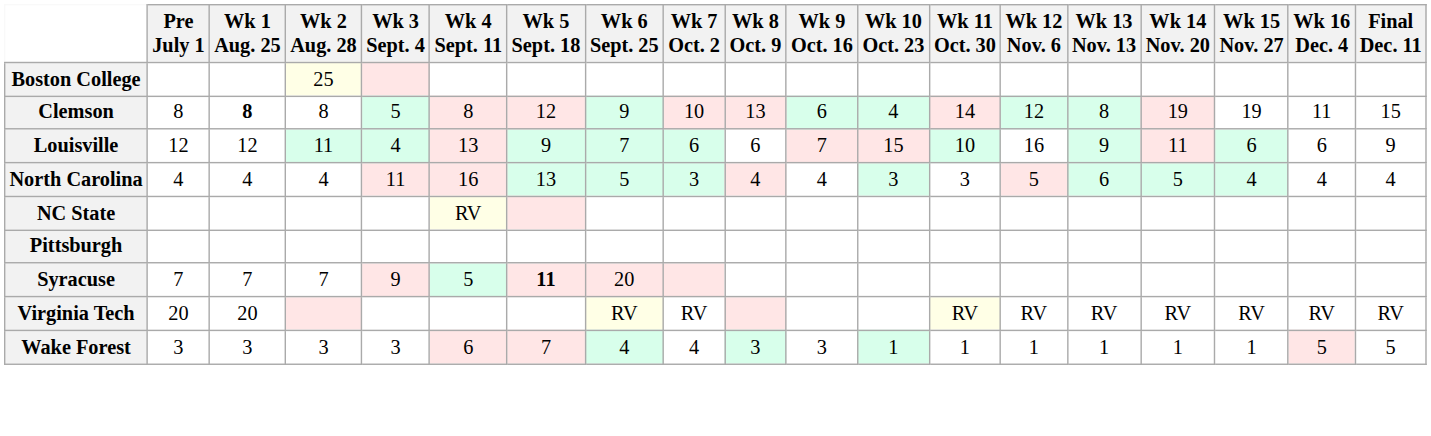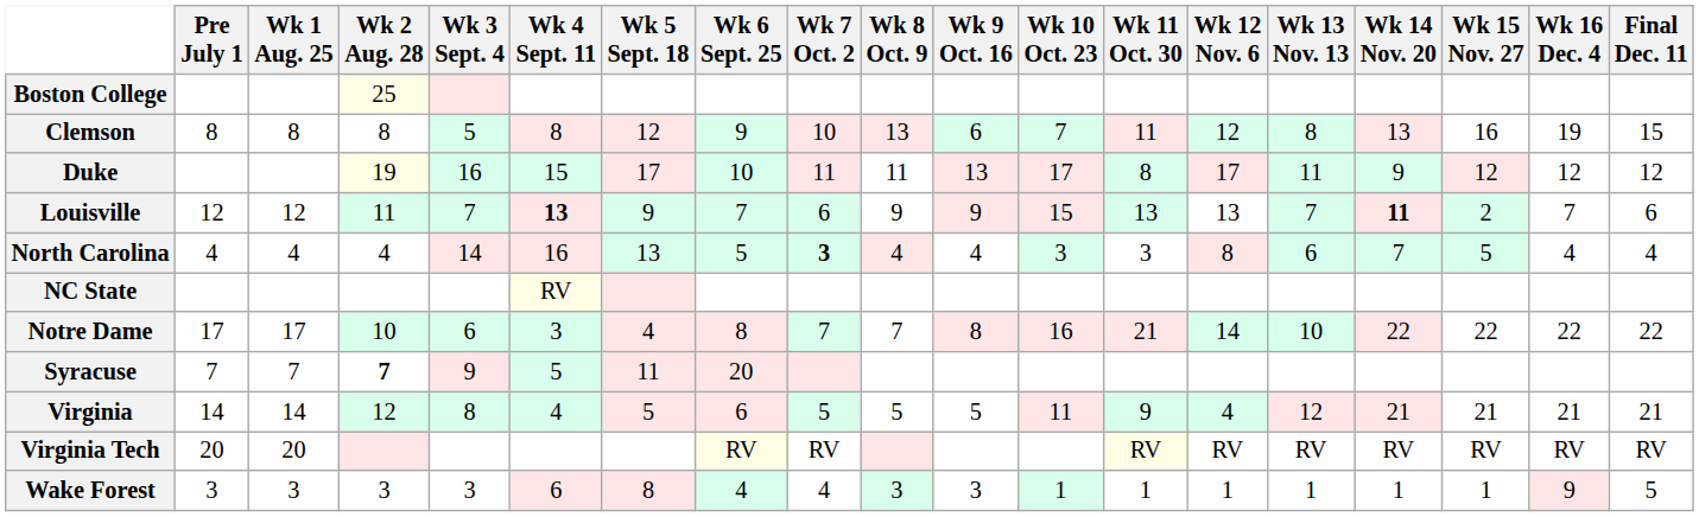 <table class="wikitable" style="white-space:nowrap;font-size:90%;">
 <tr>
 <th colspan=1 style="background:white; border-top-style:hidden; border-left-style:hidden;"></th>
 <th>Pre <br> July 1</th>
 <th>Wk 1 <br> Aug. 25</th>
 <th>Wk 2 <br> Aug. 28</th>
 <th>Wk 3 <br> Sept. 4</th>
 <th>Wk 4 <br> Sept. 11</th>
 <th>Wk 5 <br> Sept. 18</th>
 <th>Wk 6 <br> Sept. 25</th>
 <th>Wk 7 <br> Oct. 2</th>
 <th>Wk 8 <br> Oct. 9</th>
 <th>Wk 9 <br> Oct. 16</th>
 <th>Wk 10 <br> Oct. 23</th>
 <th>Wk 11 <br> Oct. 30</th>
 <th>Wk 12 <br> Nov. 6</th>
 <th>Wk 13 <br> Nov. 13</th>
 <th>Wk 14 <br> Nov. 20</th>
 <th>Wk 15 <br> Nov. 27</th>
 <th>Wk 16 <br> Dec. 4</th>
 <th>Final <br> Dec. 11</th>
 </tr>
 <tr style="text-align:center;">
 <th>Boston College</th>
 <td style="background:#FFF;"></td>
 <td style="background:#FFF;"></td>
 <td style="background:#FFFFE6;"> 25</td>
 <td style="background:#FFE6E6;"></td>
 <td style="background:#FFF;"></td>
 <td style="background:#FFF;"></td>
 <td style="background:#FFF;"></td>
 <td style="background:#FFF;"></td>
 <td style="background:#FFF;"></td>
 <td style="background:#FFF;"></td>
 <td style="background:#FFF;"></td>
 <td style="background:#FFF;"></td>
 <td style="background:#FFF;"></td>
 <td style="background:#FFF;"></td>
 <td style="background:#FFF;"></td>
 <td style="background:#FFF;"></td>
 <td style="background:#FFF;"></td>
 <td style="background:#FFF;"></td>
 </tr>
 <tr style="text-align:center;">
 <th>Clemson</th>
 <td style="background:#FFF;"> 8</td>
-<td style="background:#FFF;"><strong> 8</strong></td>
+<td style="background:#FFF;"> 8</td>
 <td style="background:#FFF;"> 8</td>
 <td style="background:#D8FFEB;"> 5</td>
 <td style="background:#FFE6E6;"> 8</td>
 <td style="background:#FFE6E6;"> 12</td>
 <td style="background:#D8FFEB;"> 9</td>
 <td style="background:#FFE6E6;"> 10</td>
 <td style="background:#FFE6E6;"> 13</td>
 <td style="background:#D8FFEB;"> 6</td>
-<td style="background:#D8FFEB;"> 4</td>
-<td style="background:#FFE6E6;"> 14</td>
+<td style="background:#D8FFEB;"> 7</td>
+<td style="background:#FFE6E6;"> 11</td>
 <td style="background:#D8FFEB;"> 12</td>
 <td style="background:#D8FFEB;"> 8</td>
-<td style="background:#FFE6E6;"> 19</td>
+<td style="background:#FFE6E6;"> 13</td>
+<td style="background:#FFF;"> 16</td>
 <td style="background:#FFF;"> 19</td>
+<td style="background:#FFF;"> 15</td>
+</tr>
+<tr style="text-align:center;">
+<th>Duke</th>
+<td style="background:#FFF;"></td>
+<td style="background:#FFF;"></td>
+<td style="background:#FFFFE6;"> 19</td>
+<td style="background:#D8FFEB;"> 16</td>
+<td style="background:#D8FFEB;"> 15</td>
+<td style="background:#FFE6E6;"> 17</td>
+<td style="background:#D8FFEB;"> 10</td>
+<td style="background:#FFE6E6;"> 11</td>
 <td style="background:#FFF;"> 11</td>
-<td style="background:#FFF;"> 15</td>
+<td style="background:#FFE6E6;"> 13</td>
+<td style="background:#FFE6E6;"> 17</td>
+<td style="background:#D8FFEB;"> 8</td>
+<td style="background:#FFE6E6;"> 17</td>
+<td style="background:#D8FFEB;"> 11</td>
+<td style="background:#D8FFEB;"> 9</td>
+<td style="background:#FFE6E6;"> 12</td>
+<td style="background:#FFF;"> 12</td>
+<td style="background:#FFF;"> 12</td>
 </tr>
 <tr style="text-align:center;">
 <th>Louisville</th>
 <td style="background:#FFF;"> 12</td>
 <td style="background:#FFF;"> 12</td>
 <td style="background:#D8FFEB;"> 11</td>
-<td style="background:#D8FFEB;"> 4</td>
-<td style="background:#FFE6E6;"> 13</td>
+<td style="background:#D8FFEB;"> 7</td>
+<td style="background:#FFE6E6;"><strong> 13</strong></td>
 <td style="background:#D8FFEB;"> 9</td>
 <td style="background:#D8FFEB;"> 7</td>
 <td style="background:#D8FFEB;"> 6</td>
+<td style="background:#FFF;"> 9</td>
+<td style="background:#FFE6E6;"> 9</td>
+<td style="background:#FFE6E6;"> 15</td>
+<td style="background:#D8FFEB;"> 13</td>
+<td style="background:#FFF;"> 13</td>
+<td style="background:#D8FFEB;"> 7</td>
+<td style="background:#FFE6E6;"><strong> 11</strong></td>
+<td style="background:#D8FFEB;"> 2</td>
+<td style="background:#FFF;"> 7</td>
 <td style="background:#FFF;"> 6</td>
-<td style="background:#FFE6E6;"> 7</td>
-<td style="background:#FFE6E6;"> 15</td>
-<td style="background:#D8FFEB;"> 10</td>
-<td style="background:#FFF;"> 16</td>
-<td style="background:#D8FFEB;"> 9</td>
-<td style="background:#FFE6E6;"> 11</td>
-<td style="background:#D8FFEB;"> 6</td>
-<td style="background:#FFF;"> 6</td>
-<td style="background:#FFF;"> 9</td>
 </tr>
 <tr style="text-align:center;">
 <th>North Carolina</th>
 <td style="background:#FFF;"> 4</td>
 <td style="background:#FFF;"> 4</td>
 <td style="background:#FFF;"> 4</td>
-<td style="background:#FFE6E6;"> 11</td>
+<td style="background:#FFE6E6;"> 14</td>
 <td style="background:#FFE6E6;"> 16</td>
 <td style="background:#D8FFEB;"> 13</td>
 <td style="background:#D8FFEB;"> 5</td>
-<td style="background:#D8FFEB;"> 3</td>
+<td style="background:#D8FFEB;"><strong> 3</strong></td>
 <td style="background:#FFE6E6;"> 4</td>
 <td style="background:#FFF;"> 4</td>
 <td style="background:#D8FFEB;"> 3</td>
 <td style="background:#FFF;"> 3</td>
-<td style="background:#FFE6E6;"> 5</td>
+<td style="background:#FFE6E6;"> 8</td>
 <td style="background:#D8FFEB;"> 6</td>
+<td style="background:#D8FFEB;"> 7</td>
 <td style="background:#D8FFEB;"> 5</td>
-<td style="background:#D8FFEB;"> 4</td>
 <td style="background:#FFF;"> 4</td>
 <td style="background:#FFF;"> 4</td>
 </tr>
 <tr style="text-align:center;">
 <th>NC State</th>
 <td style="background:#FFF;"></td>
 <td style="background:#FFF;"></td>
 <td style="background:#FFF;"></td>
 <td style="background:#FFF;"></td>
 <td style="background:#FFFFE6;"> RV</td>
 <td style="background:#FFE6E6;"></td>
 <td style="background:#FFF;"></td>
 <td style="background:#FFF;"></td>
 <td style="background:#FFF;"></td>
 <td style="background:#FFF;"></td>
 <td style="background:#FFF;"></td>
 <td style="background:#FFF;"></td>
 <td style="background:#FFF;"></td>
 <td style="background:#FFF;"></td>
 <td style="background:#FFF;"></td>
 <td style="background:#FFF;"></td>
 <td style="background:#FFF;"></td>
 <td style="background:#FFF;"></td>
 </tr>
 <tr style="text-align:center;">
-<th>Pittsburgh</th>
-<td style="background:#FFF;"></td>
-<td style="background:#FFF;"></td>
-<td style="background:#FFF;"></td>
-<td style="background:#FFF;"></td>
-<td style="background:#FFF;"></td>
-<td style="background:#FFF;"></td>
-<td style="background:#FFF;"></td>
-<td style="background:#FFF;"></td>
+<th>Notre Dame</th>
+<td style="background:#FFF;"> 17</td>
+<td style="background:#FFF;"> 17</td>
+<td style="background:#D8FFEB;"> 10</td>
+<td style="background:#D8FFEB;"> 6</td>
+<td style="background:#D8FFEB;"> 3</td>
+<td style="background:#FFE6E6;"> 4</td>
+<td style="background:#FFE6E6;"> 8</td>
+<td style="background:#D8FFEB;"> 7</td>
+<td style="background:#FFF;"> 7</td>
+<td style="background:#FFE6E6;"> 8</td>
+<td style="background:#FFE6E6;"> 16</td>
+<td style="background:#FFE6E6;"> 21</td>
+<td style="background:#D8FFEB;"> 14</td>
+<td style="background:#D8FFEB;"> 10</td>
+<td style="background:#FFE6E6;"> 22</td>
+<td style="background:#FFF;"> 22</td>
+<td style="background:#FFF;"> 22</td>
+<td style="background:#FFF;"> 22</td>
+</tr>
+<tr style="text-align:center;">
+<th>Syracuse</th>
+<td style="background:#FFF;"> 7</td>
+<td style="background:#FFF;"> 7</td>
+<td style="background:#FFF;"><strong> 7</strong></td>
+<td style="background:#FFE6E6;"> 9</td>
+<td style="background:#D8FFEB;"> 5</td>
+<td style="background:#FFE6E6;"> 11</td>
+<td style="background:#FFE6E6;"> 20</td>
+<td style="background:#FFE6E6;"></td>
 <td style="background:#FFF;"></td>
 <td style="background:#FFF;"></td>
 <td style="background:#FFF;"></td>
 <td style="background:#FFF;"></td>
 <td style="background:#FFF;"></td>
 <td style="background:#FFF;"></td>
 <td style="background:#FFF;"></td>
 <td style="background:#FFF;"></td>
 <td style="background:#FFF;"></td>
 <td style="background:#FFF;"></td>
 </tr>
 <tr style="text-align:center;">
-<th>Syracuse</th>
-<td style="background:#FFF;"> 7</td>
-<td style="background:#FFF;"> 7</td>
-<td style="background:#FFF;"> 7</td>
-<td style="background:#FFE6E6;"> 9</td>
+<th>Virginia</th>
+<td style="background:#FFF;"> 14</td>
+<td style="background:#FFF;"> 14</td>
+<td style="background:#D8FFEB;"> 12</td>
+<td style="background:#D8FFEB;"> 8</td>
+<td style="background:#D8FFEB;"> 4</td>
+<td style="background:#FFE6E6;"> 5</td>
+<td style="background:#FFE6E6;"> 6</td>
 <td style="background:#D8FFEB;"> 5</td>
-<td style="background:#FFE6E6;"><strong> 11</strong></td>
-<td style="background:#FFE6E6;"> 20</td>
-<td style="background:#FFE6E6;"></td>
-<td style="background:#FFF;"></td>
-<td style="background:#FFF;"></td>
-<td style="background:#FFF;"></td>
-<td style="background:#FFF;"></td>
-<td style="background:#FFF;"></td>
-<td style="background:#FFF;"></td>
-<td style="background:#FFF;"></td>
-<td style="background:#FFF;"></td>
-<td style="background:#FFF;"></td>
-<td style="background:#FFF;"></td>
+<td style="background:#FFF;"> 5</td>
+<td style="background:#FFF;"> 5</td>
+<td style="background:#FFE6E6;"> 11</td>
+<td style="background:#D8FFEB;"> 9</td>
+<td style="background:#D8FFEB;"> 4</td>
+<td style="background:#FFE6E6;"> 12</td>
+<td style="background:#FFE6E6;"> 21</td>
+<td style="background:#FFF;"> 21</td>
+<td style="background:#FFF;"> 21</td>
+<td style="background:#FFF;"> 21</td>
 </tr>
 <tr style="text-align:center;">
 <th>Virginia Tech</th>
 <td style="background:#FFF;"> 20</td>
 <td style="background:#FFF;"> 20</td>
 <td style="background:#FFE6E6;"></td>
 <td style="background:#FFF;"></td>
 <td style="background:#FFF;"></td>
 <td style="background:#FFF;"></td>
 <td style="background:#FFFFE6;"> RV</td>
 <td style="background:#FFF;"> RV</td>
 <td style="background:#FFE6E6;"></td>
 <td style="background:#FFF;"></td>
 <td style="background:#FFF;"></td>
 <td style="background:#FFFFE6;"> RV</td>
 <td style="background:#FFF;"> RV</td>
 <td style="background:#FFF;"> RV</td>
 <td style="background:#FFF;"> RV</td>
 <td style="background:#FFF;"> RV</td>
 <td style="background:#FFF;"> RV</td>
 <td style="background:#FFF;"> RV</td>
 </tr>
 <tr style="text-align:center;">
 <th>Wake Forest</th>
 <td style="background:#FFF;"> 3</td>
 <td style="background:#FFF;"> 3</td>
 <td style="background:#FFF;"> 3</td>
 <td style="background:#FFF;"> 3</td>
 <td style="background:#FFE6E6;"> 6</td>
-<td style="background:#FFE6E6;"> 7</td>
+<td style="background:#FFE6E6;"> 8</td>
 <td style="background:#D8FFEB;"> 4</td>
 <td style="background:#FFF;"> 4</td>
 <td style="background:#D8FFEB;"> 3</td>
 <td style="background:#FFF;"> 3</td>
 <td style="background:#D8FFEB;"> 1</td>
 <td style="background:#FFF;"> 1</td>
 <td style="background:#FFF;"> 1</td>
 <td style="background:#FFF;"> 1</td>
 <td style="background:#FFF;"> 1</td>
 <td style="background:#FFF;"> 1</td>
-<td style="background:#FFE6E6;"> 5</td>
+<td style="background:#FFE6E6;"> 9</td>
 <td style="background:#FFF;"> 5</td>
 </tr>
 </table>
